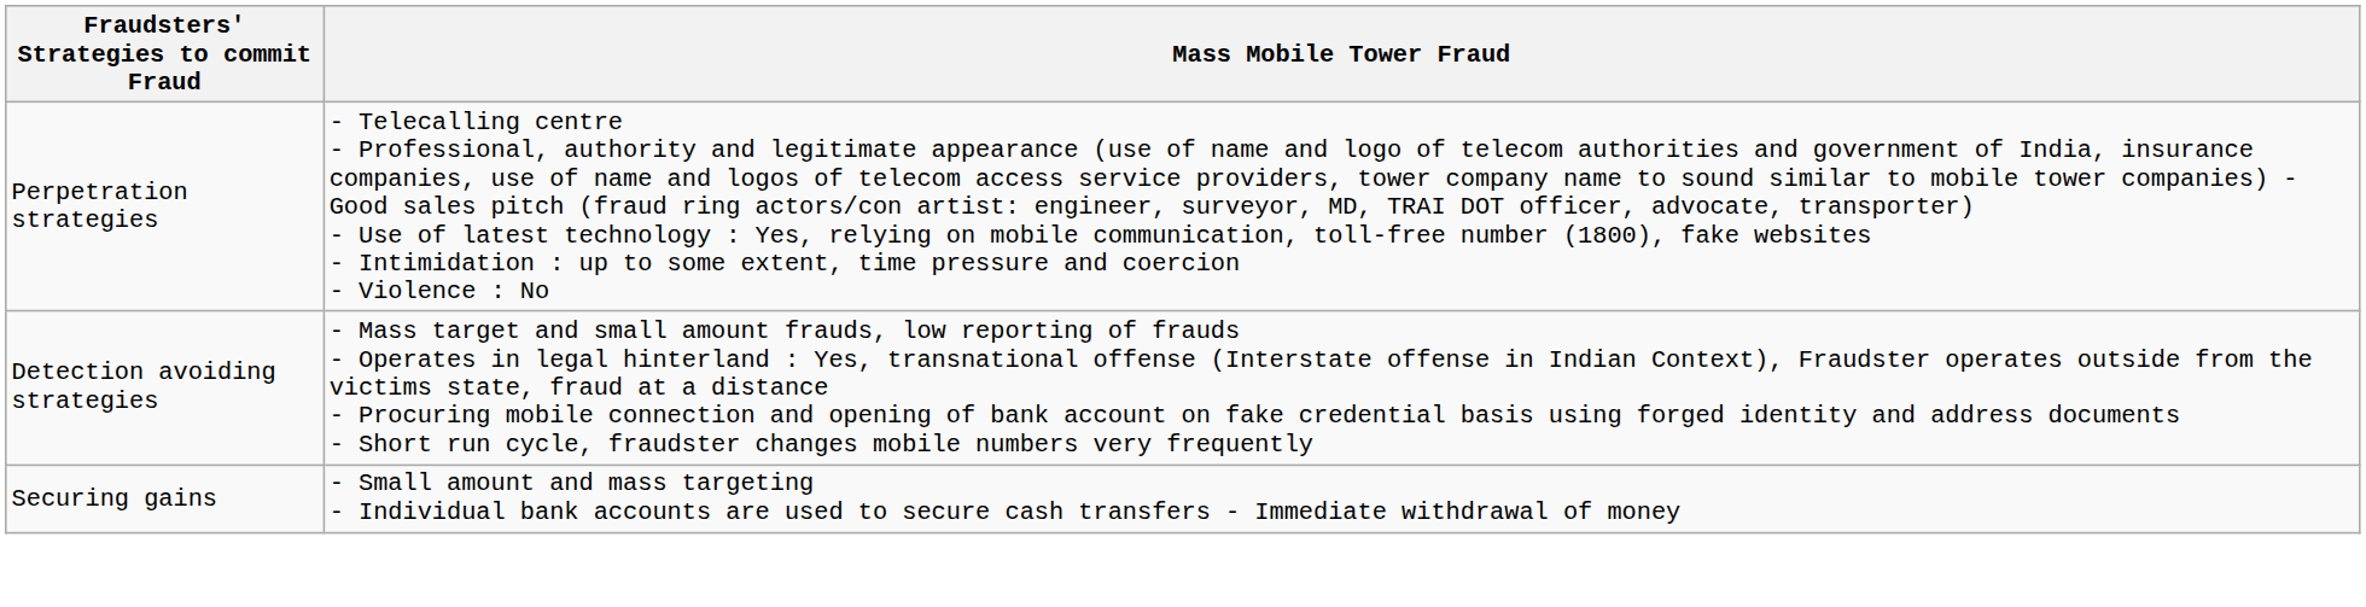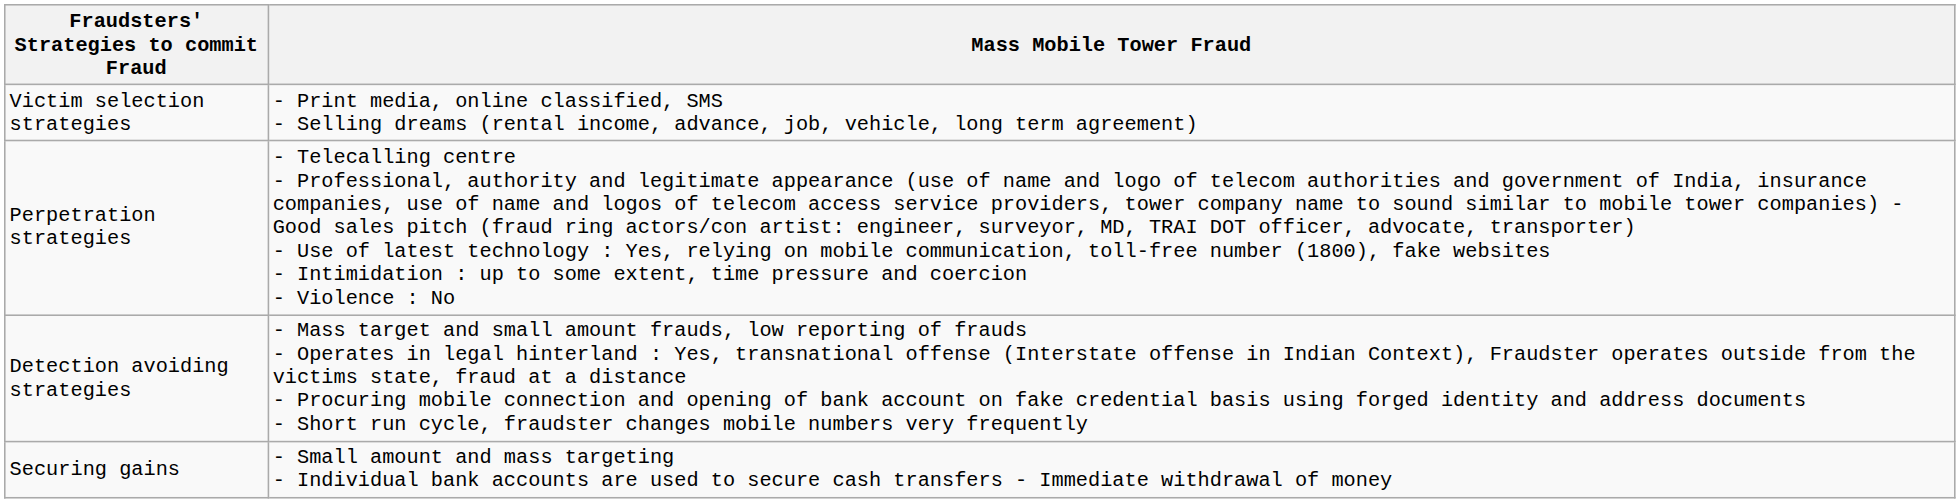 <table class="wikitable">
 <tr>
 <th>Fraudsters' Strategies to commit Fraud</th>
 <th>Mass Mobile Tower Fraud</th>
+</tr>
+<tr>
+<td>Victim selection strategies</td>
+<td>- Print media, online classified, SMS<br>- Selling dreams (rental income, advance, job, vehicle, long term agreement)</td>
 </tr>
 <tr>
 <td>Perpetration strategies</td>
 <td>- Telecalling centre<br>- Professional, authority and legitimate appearance (use of name and logo of telecom authorities and government of India, insurance companies, use of name and logos of telecom access service providers, tower company name to sound similar to mobile tower companies) - Good sales pitch (fraud ring actors/con artist: engineer, surveyor, MD, TRAI DOT officer, advocate, transporter)<br>- Use of latest technology : Yes, relying on mobile communication, toll-free number (1800), fake websites<br>- Intimidation : up to some extent, time pressure and coercion<br>- Violence : No</td>
 </tr>
 <tr>
 <td>Detection avoiding strategies</td>
 <td>- Mass target and small amount frauds, low reporting of frauds<br>-	Operates in legal hinterland : Yes, transnational offense (Interstate offense in Indian Context), Fraudster operates outside from the victims state, fraud at a distance<br>- Procuring mobile connection and opening of bank account on fake credential basis using forged identity and address documents<br>- Short run cycle, fraudster changes mobile numbers very frequently</td>
 </tr>
 <tr>
 <td>Securing gains</td>
 <td>- Small amount and mass targeting<br>-	Individual bank accounts are used to secure cash transfers -	Immediate withdrawal of money</td>
 </tr>
 </table>
